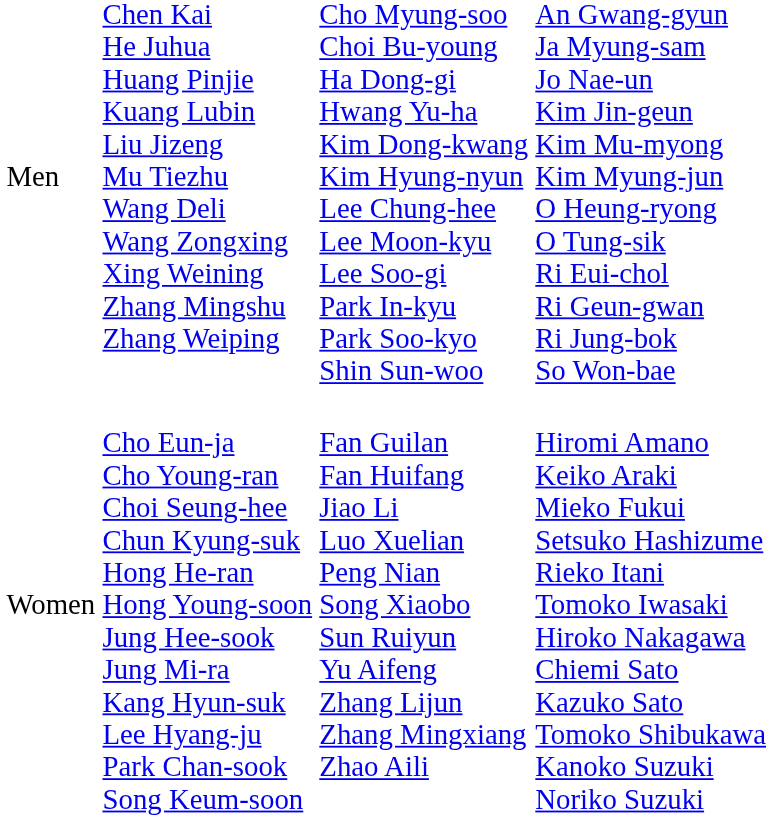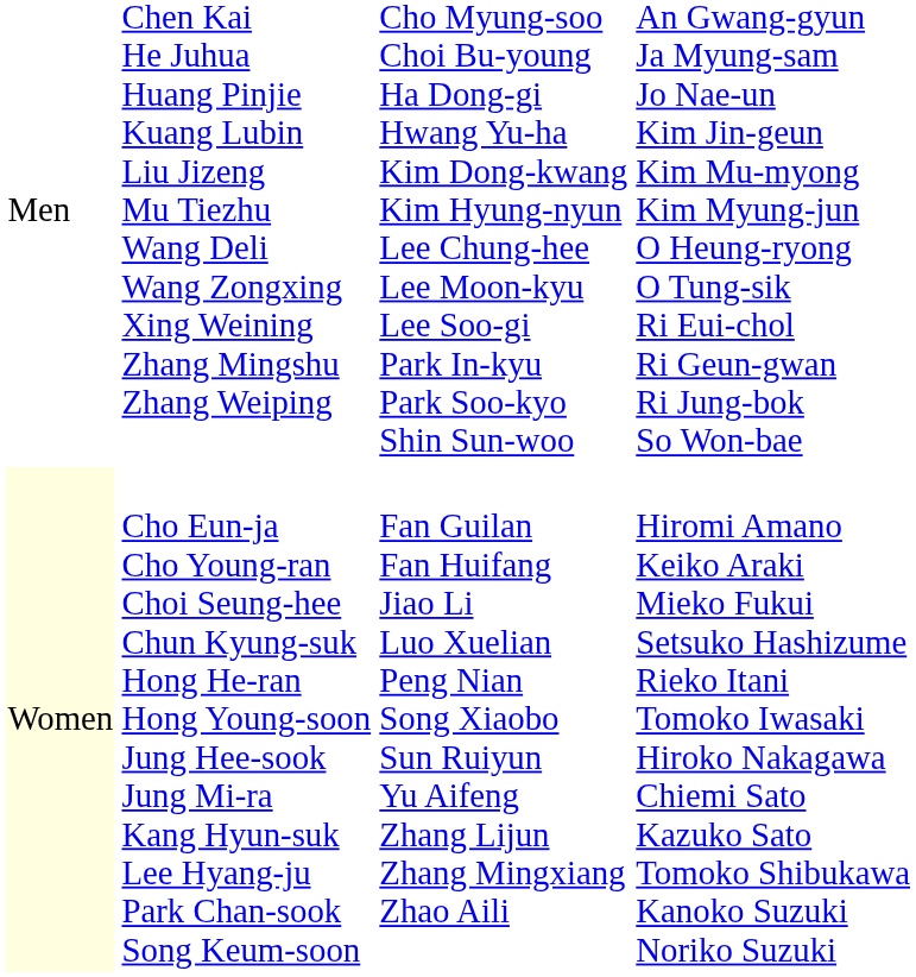 <table>
 <tr>
 <td>Men<br></td>
 <td valign=top><br><a href='#'>Chen Kai</a><br><a href='#'>He Juhua</a><br><a href='#'>Huang Pinjie</a><br><a href='#'>Kuang Lubin</a><br><a href='#'>Liu Jizeng</a><br><a href='#'>Mu Tiezhu</a><br><a href='#'>Wang Deli</a><br><a href='#'>Wang Zongxing</a><br><a href='#'>Xing Weining</a><br><a href='#'>Zhang Mingshu</a><br><a href='#'>Zhang Weiping</a></td>
 <td><br><a href='#'>Cho Myung-soo</a><br><a href='#'>Choi Bu-young</a><br><a href='#'>Ha Dong-gi</a><br><a href='#'>Hwang Yu-ha</a><br><a href='#'>Kim Dong-kwang</a><br><a href='#'>Kim Hyung-nyun</a><br><a href='#'>Lee Chung-hee</a><br><a href='#'>Lee Moon-kyu</a><br><a href='#'>Lee Soo-gi</a><br><a href='#'>Park In-kyu</a><br><a href='#'>Park Soo-kyo</a><br><a href='#'>Shin Sun-woo</a></td>
 <td><br><a href='#'>An Gwang-gyun</a><br><a href='#'>Ja Myung-sam</a><br><a href='#'>Jo Nae-un</a><br><a href='#'>Kim Jin-geun</a><br><a href='#'>Kim Mu-myong</a><br><a href='#'>Kim Myung-jun</a><br><a href='#'>O Heung-ryong</a><br><a href='#'>O Tung-sik</a><br><a href='#'>Ri Eui-chol</a><br><a href='#'>Ri Geun-gwan</a><br><a href='#'>Ri Jung-bok</a><br><a href='#'>So Won-bae</a></td>
 </tr>
 <tr>
-<td>Women<br></td>
+<td style="background: lightyellow;">Women<br></td>
 <td><br><a href='#'>Cho Eun-ja</a><br><a href='#'>Cho Young-ran</a><br><a href='#'>Choi Seung-hee</a><br><a href='#'>Chun Kyung-suk</a><br><a href='#'>Hong He-ran</a><br><a href='#'>Hong Young-soon</a><br><a href='#'>Jung Hee-sook</a><br><a href='#'>Jung Mi-ra</a><br><a href='#'>Kang Hyun-suk</a><br><a href='#'>Lee Hyang-ju</a><br><a href='#'>Park Chan-sook</a><br><a href='#'>Song Keum-soon</a></td>
 <td valign=top><br><a href='#'>Fan Guilan</a><br><a href='#'>Fan Huifang</a><br><a href='#'>Jiao Li</a><br><a href='#'>Luo Xuelian</a><br><a href='#'>Peng Nian</a><br><a href='#'>Song Xiaobo</a><br><a href='#'>Sun Ruiyun</a><br><a href='#'>Yu Aifeng</a><br><a href='#'>Zhang Lijun</a><br><a href='#'>Zhang Mingxiang</a><br><a href='#'>Zhao Aili</a></td>
 <td><br><a href='#'>Hiromi Amano</a><br><a href='#'>Keiko Araki</a><br><a href='#'>Mieko Fukui</a><br><a href='#'>Setsuko Hashizume</a><br><a href='#'>Rieko Itani</a><br><a href='#'>Tomoko Iwasaki</a><br><a href='#'>Hiroko Nakagawa</a><br><a href='#'>Chiemi Sato</a><br><a href='#'>Kazuko Sato</a><br><a href='#'>Tomoko Shibukawa</a><br><a href='#'>Kanoko Suzuki</a><br><a href='#'>Noriko Suzuki</a></td>
 </tr>
 </table>
